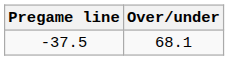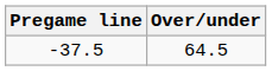 <table class="wikitable" style="margin-left: auto; margin-right: auto; border: none; display: inline-table;">
 <tr align="center">
 <th style=>Pregame line</th>
 <th style=>Over/under</th>
 </tr>
 <tr align="center">
 <td>-37.5</td>
-<td>68.1</td>
+<td>64.5</td>
 </tr>
 </table>
